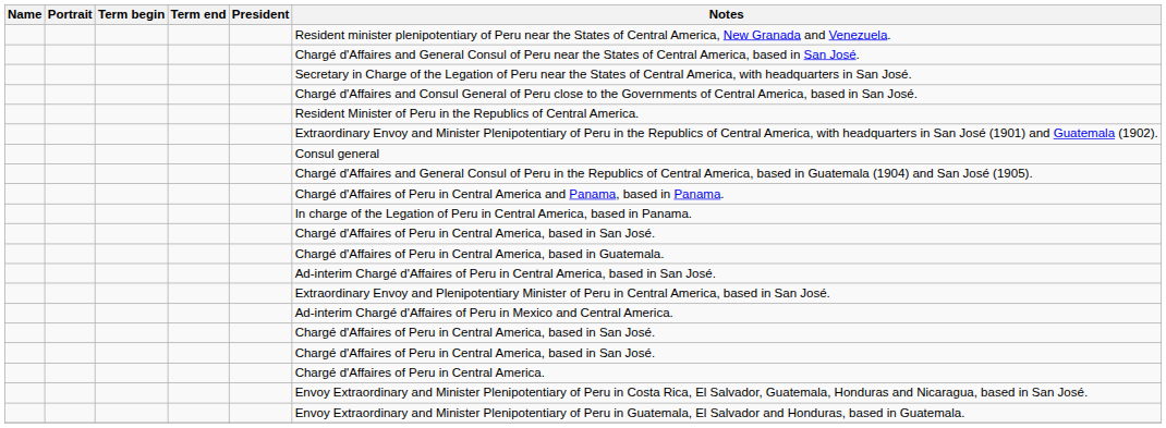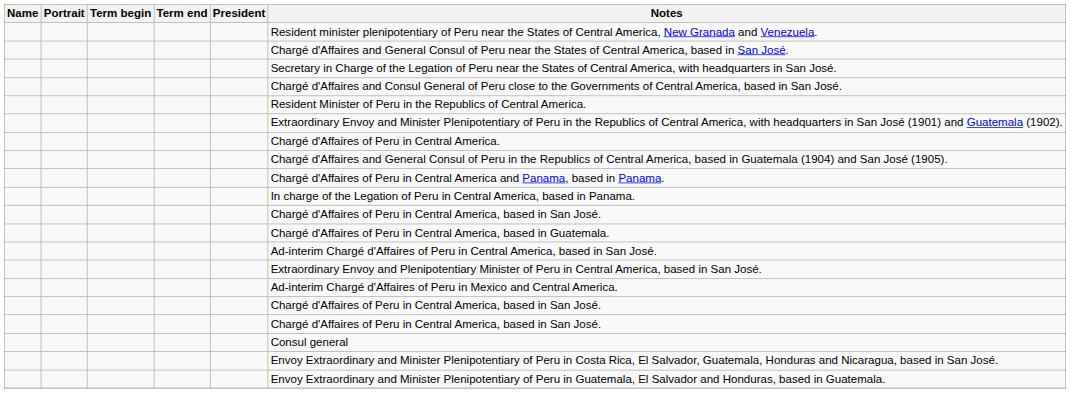 <table class="wikitable sortable"  text-align:center;">
 <tr>
 <th>Name</th>
 <th class="unsortable">Portrait</th>
 <th>Term begin</th>
 <th>Term end</th>
 <th>President</th>
 <th class="unsortable">Notes</th>
 </tr>
 <tr>
 <td></td>
 <td></td>
 <td></td>
 <td></td>
 <td></td>
 <td>Resident minister plenipotentiary of Peru near the States of Central America, <a href='#'>New Granada</a> and <a href='#'>Venezuela</a>.</td>
 </tr>
 <tr>
 <td></td>
 <td></td>
 <td></td>
 <td></td>
 <td></td>
 <td>Chargé d'Affaires and General Consul of Peru near the States of Central America, based in <a href='#'>San José</a>.</td>
 </tr>
 <tr>
 <td></td>
 <td></td>
 <td></td>
 <td></td>
 <td></td>
 <td>Secretary in Charge of the Legation of Peru near the States of Central America, with headquarters in San José.</td>
 </tr>
 <tr>
 <td></td>
 <td></td>
 <td></td>
 <td></td>
 <td></td>
 <td>Chargé d'Affaires and Consul General of Peru close to the Governments of Central America, based in San José.</td>
 </tr>
 <tr>
 <td></td>
 <td></td>
 <td></td>
 <td></td>
 <td></td>
 <td>Resident Minister of Peru in the Republics of Central America.</td>
 </tr>
 <tr>
 <td></td>
 <td></td>
 <td></td>
 <td></td>
 <td></td>
 <td>Extraordinary Envoy and Minister Plenipotentiary of Peru in the Republics of Central America, with headquarters in San José (1901) and <a href='#'>Guatemala</a> (1902).</td>
 </tr>
 <tr>
 <td></td>
 <td></td>
 <td></td>
 <td></td>
 <td></td>
-<td>Consul general</td>
+<td>Chargé d'Affaires of Peru in Central America.</td>
 </tr>
 <tr>
 <td></td>
 <td></td>
 <td></td>
 <td></td>
 <td></td>
 <td>Chargé d'Affaires and General Consul of Peru in the Republics of Central America, based in Guatemala (1904) and San José (1905).</td>
 </tr>
 <tr>
 <td></td>
 <td></td>
 <td></td>
 <td></td>
 <td></td>
 <td>Chargé d'Affaires of Peru in Central America and <a href='#'>Panama</a>, based in <a href='#'>Panama</a>.</td>
 </tr>
 <tr>
 <td></td>
 <td></td>
 <td></td>
 <td></td>
 <td></td>
 <td>In charge of the Legation of Peru in Central America, based in Panama.</td>
 </tr>
 <tr>
 <td></td>
 <td></td>
 <td></td>
 <td></td>
 <td></td>
 <td>Chargé d'Affaires of Peru in Central America, based in San José.</td>
 </tr>
 <tr>
 <td></td>
 <td></td>
 <td></td>
 <td></td>
 <td></td>
 <td>Chargé d'Affaires of Peru in Central America, based in Guatemala.</td>
 </tr>
 <tr>
 <td></td>
 <td></td>
 <td></td>
 <td></td>
 <td></td>
 <td>Ad-interim Chargé d'Affaires of Peru in Central America, based in San José.</td>
 </tr>
 <tr>
 <td></td>
 <td></td>
 <td></td>
 <td></td>
 <td></td>
 <td>Extraordinary Envoy and Plenipotentiary Minister of Peru in Central America, based in San José.</td>
 </tr>
 <tr>
 <td></td>
 <td></td>
 <td></td>
 <td></td>
 <td></td>
 <td>Ad-interim Chargé d'Affaires of Peru in Mexico and Central America.</td>
 </tr>
 <tr>
 <td></td>
 <td></td>
 <td></td>
 <td></td>
 <td></td>
 <td>Chargé d'Affaires of Peru in Central America, based in San José.</td>
 </tr>
 <tr>
 <td></td>
 <td></td>
 <td></td>
 <td></td>
 <td></td>
 <td>Chargé d'Affaires of Peru in Central America, based in San José.</td>
 </tr>
 <tr>
 <td></td>
 <td></td>
 <td></td>
 <td></td>
 <td></td>
-<td>Chargé d'Affaires of Peru in Central America.</td>
+<td>Consul general</td>
 </tr>
 <tr>
 <td></td>
 <td></td>
 <td></td>
 <td></td>
 <td></td>
 <td>Envoy Extraordinary and Minister Plenipotentiary of Peru in Costa Rica, El Salvador, Guatemala, Honduras and Nicaragua, based in San José.</td>
 </tr>
 <tr>
 <td></td>
 <td></td>
 <td></td>
 <td></td>
 <td></td>
 <td>Envoy Extraordinary and Minister Plenipotentiary of Peru in Guatemala, El Salvador and Honduras, based in Guatemala.</td>
 </tr>
 <tr>
 </tr>
 </table>
